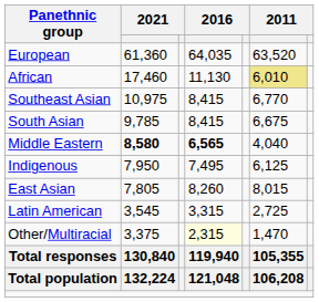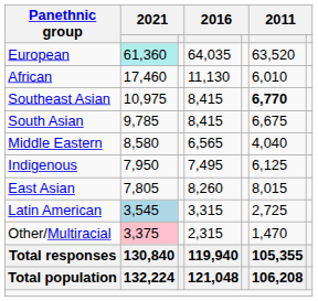 <table class="wikitable collapsible sortable">
 <tr>
 <th rowspan="2"><a href='#'>Panethnic</a><br>group</th>
 <th colspan="2">2021</th>
 <th colspan="2">2016</th>
 <th colspan="2">2011</th>
 </tr>
 <tr>
 <th><a href='#'></a></th>
 <th></th>
 <th></th>
 <th></th>
 <th></th>
 <th></th>
 </tr>
 <tr>
 <td><a href='#'>European</a></td>
-<td>61,360</td>
+<td style="background: paleturquoise;">61,360</td>
 <td></td>
 <td>64,035</td>
 <td></td>
 <td>63,520</td>
 <td></td>
 </tr>
 <tr>
 <td><a href='#'>African</a></td>
 <td>17,460</td>
 <td></td>
 <td>11,130</td>
 <td></td>
-<td style="background: khaki;">6,010</td>
+<td>6,010</td>
 <td></td>
 </tr>
 <tr>
 <td><a href='#'>Southeast Asian</a></td>
 <td>10,975</td>
 <td></td>
 <td>8,415</td>
 <td></td>
-<td>6,770</td>
+<td><strong>6,770</strong></td>
 <td></td>
 </tr>
 <tr>
 <td><a href='#'>South Asian</a></td>
 <td>9,785</td>
 <td></td>
 <td>8,415</td>
 <td></td>
 <td>6,675</td>
 <td></td>
 </tr>
 <tr>
 <td><a href='#'>Middle Eastern</a></td>
-<td><strong>8,580</strong></td>
+<td>8,580</td>
 <td></td>
-<td><strong>6,565</strong></td>
+<td>6,565</td>
 <td></td>
 <td>4,040</td>
 <td></td>
 </tr>
 <tr>
 <td><a href='#'>Indigenous</a></td>
 <td>7,950</td>
 <td></td>
 <td>7,495</td>
 <td></td>
 <td>6,125</td>
 <td></td>
 </tr>
 <tr>
 <td><a href='#'>East Asian</a></td>
 <td>7,805</td>
 <td></td>
 <td>8,260</td>
 <td></td>
 <td>8,015</td>
 <td></td>
 </tr>
 <tr>
 <td><a href='#'>Latin American</a></td>
-<td>3,545</td>
+<td style="background: lightblue;">3,545</td>
 <td></td>
 <td>3,315</td>
 <td></td>
 <td>2,725</td>
 <td></td>
 </tr>
 <tr>
 <td>Other/<a href='#'>Multiracial</a></td>
-<td>3,375</td>
+<td style="background: pink;">3,375</td>
 <td></td>
-<td style="background: lightyellow;">2,315</td>
+<td>2,315</td>
 <td></td>
 <td>1,470</td>
 <td></td>
 </tr>
 <tr>
 <th>Total responses</th>
 <th>130,840</th>
 <th></th>
 <th>119,940</th>
 <th></th>
 <th>105,355</th>
 <th></th>
 </tr>
 <tr>
 <th>Total population</th>
 <th>132,224</th>
 <th></th>
 <th>121,048</th>
 <th></th>
 <th>106,208</th>
 <th></th>
 </tr>
 <tr class="sortbottom">
 <td colspan="15"></td>
 </tr>
 </table>
